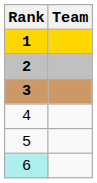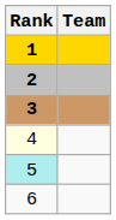 <table class="wikitable" style="text-align:center">
 <tr>
 <th>Rank</th>
 <th>Team</th>
 </tr>
 <tr bgcolor="gold">
 <td><strong>1</strong></td>
 <td align="left"></td>
 </tr>
 <tr bgcolor="silver">
 <td><strong>2</strong></td>
 <td align="left"></td>
 </tr>
 <tr bgcolor="#CC9966">
 <td><strong>3</strong></td>
 <td align="left"></td>
 </tr>
 <tr>
-<td>4</td>
+<td style="background: lightyellow;">4</td>
 <td align="left"></td>
 </tr>
 <tr>
-<td>5</td>
+<td style="background: paleturquoise;">5</td>
 <td align="left"></td>
 </tr>
 <tr>
-<td style="background: paleturquoise;">6</td>
+<td>6</td>
 <td align="left"></td>
 </tr>
 </table>
